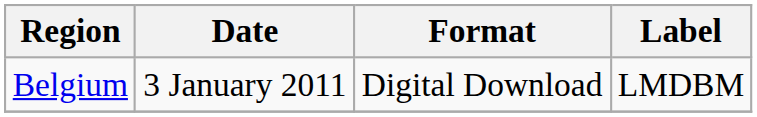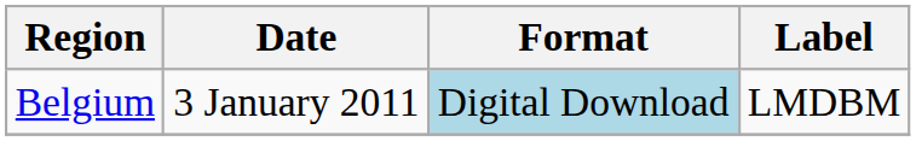 <table class=wikitable>
 <tr>
 <th>Region</th>
 <th>Date</th>
 <th>Format</th>
 <th>Label</th>
 </tr>
 <tr>
 <td><a href='#'>Belgium</a></td>
 <td>3 January 2011</td>
-<td>Digital Download</td>
+<td style="background: lightblue;">Digital Download</td>
 <td>LMDBM</td>
 </tr>
 <tr>
 </tr>
 </table>
